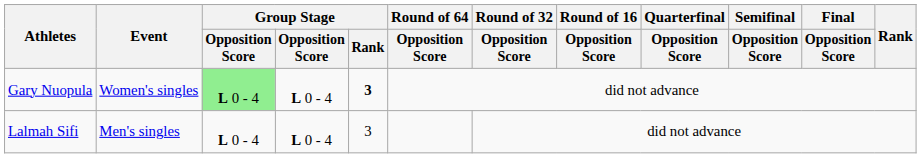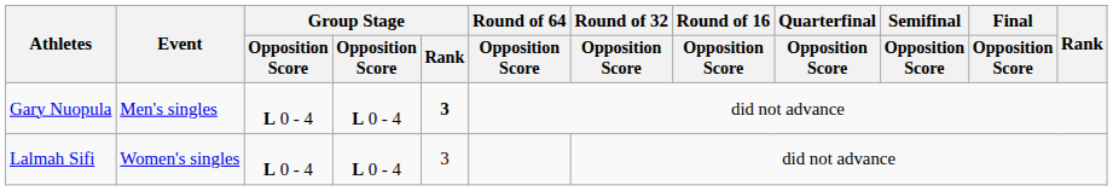 <table class="wikitable" style="font-size:90%">
 <tr>
 <th rowspan=2>Athletes</th>
 <th rowspan=2>Event</th>
 <th colspan=3>Group Stage</th>
 <th>Round of 64</th>
 <th>Round of 32</th>
 <th>Round of 16</th>
 <th>Quarterfinal</th>
 <th>Semifinal</th>
 <th>Final</th>
 <th rowspan=2>Rank</th>
 </tr>
 <tr style="font-size:95%">
 <th>Opposition<br>Score</th>
 <th>Opposition<br>Score</th>
 <th>Rank</th>
 <th>Opposition<br>Score</th>
 <th>Opposition<br>Score</th>
 <th>Opposition<br>Score</th>
 <th>Opposition<br>Score</th>
 <th>Opposition<br>Score</th>
 <th>Opposition<br>Score</th>
 </tr>
 <tr align=center>
 <td align=left><a href='#'>Gary Nuopula</a></td>
-<td align=left><a href='#'>Women's singles</a></td>
-<td style="background: lightgreen;"><br><strong>L</strong> 0 - 4</td>
+<td align=left><a href='#'>Men's singles</a></td>
+<td><br><strong>L</strong> 0 - 4</td>
 <td><br><strong>L</strong> 0 - 4</td>
 <td><strong>3</strong></td>
 <td colspan=7>did not advance</td>
 </tr>
 <tr align=center>
 <td align=left><a href='#'>Lalmah Sifi</a></td>
-<td align=left><a href='#'>Men's singles</a></td>
+<td align=left><a href='#'>Women's singles</a></td>
 <td><br><strong>L</strong> 0 - 4</td>
 <td><br><strong>L</strong> 0 - 4</td>
 <td>3</td>
 <td></td>
 <td colspan=6>did not advance</td>
 </tr>
 </table>
